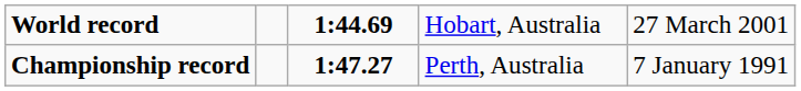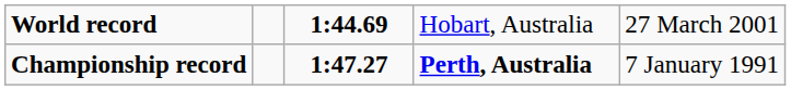 <table class="wikitable">
 <tr>
 <td><strong>World record</strong></td>
 <td style="padding-right:1em"></td>
 <td style="text-align:center;padding-left:1em; padding-right:1em;"><strong>1:44.69</strong></td>
 <td style="padding-right:1em"><a href='#'>Hobart</a>, Australia</td>
 <td align=right>27 March 2001</td>
 </tr>
 <tr>
 <td><strong>Championship record</strong></td>
 <td style="padding-right:1em"></td>
 <td style="text-align:center;padding-left:1em; padding-right:1em;"><strong>1:47.27</strong></td>
-<td style="padding-right:1em"><a href='#'>Perth</a>, Australia</td>
+<td style="padding-right:1em"><strong><a href='#'>Perth</a>, Australia</strong></td>
 <td align=right>7 January 1991</td>
 </tr>
 </table>
